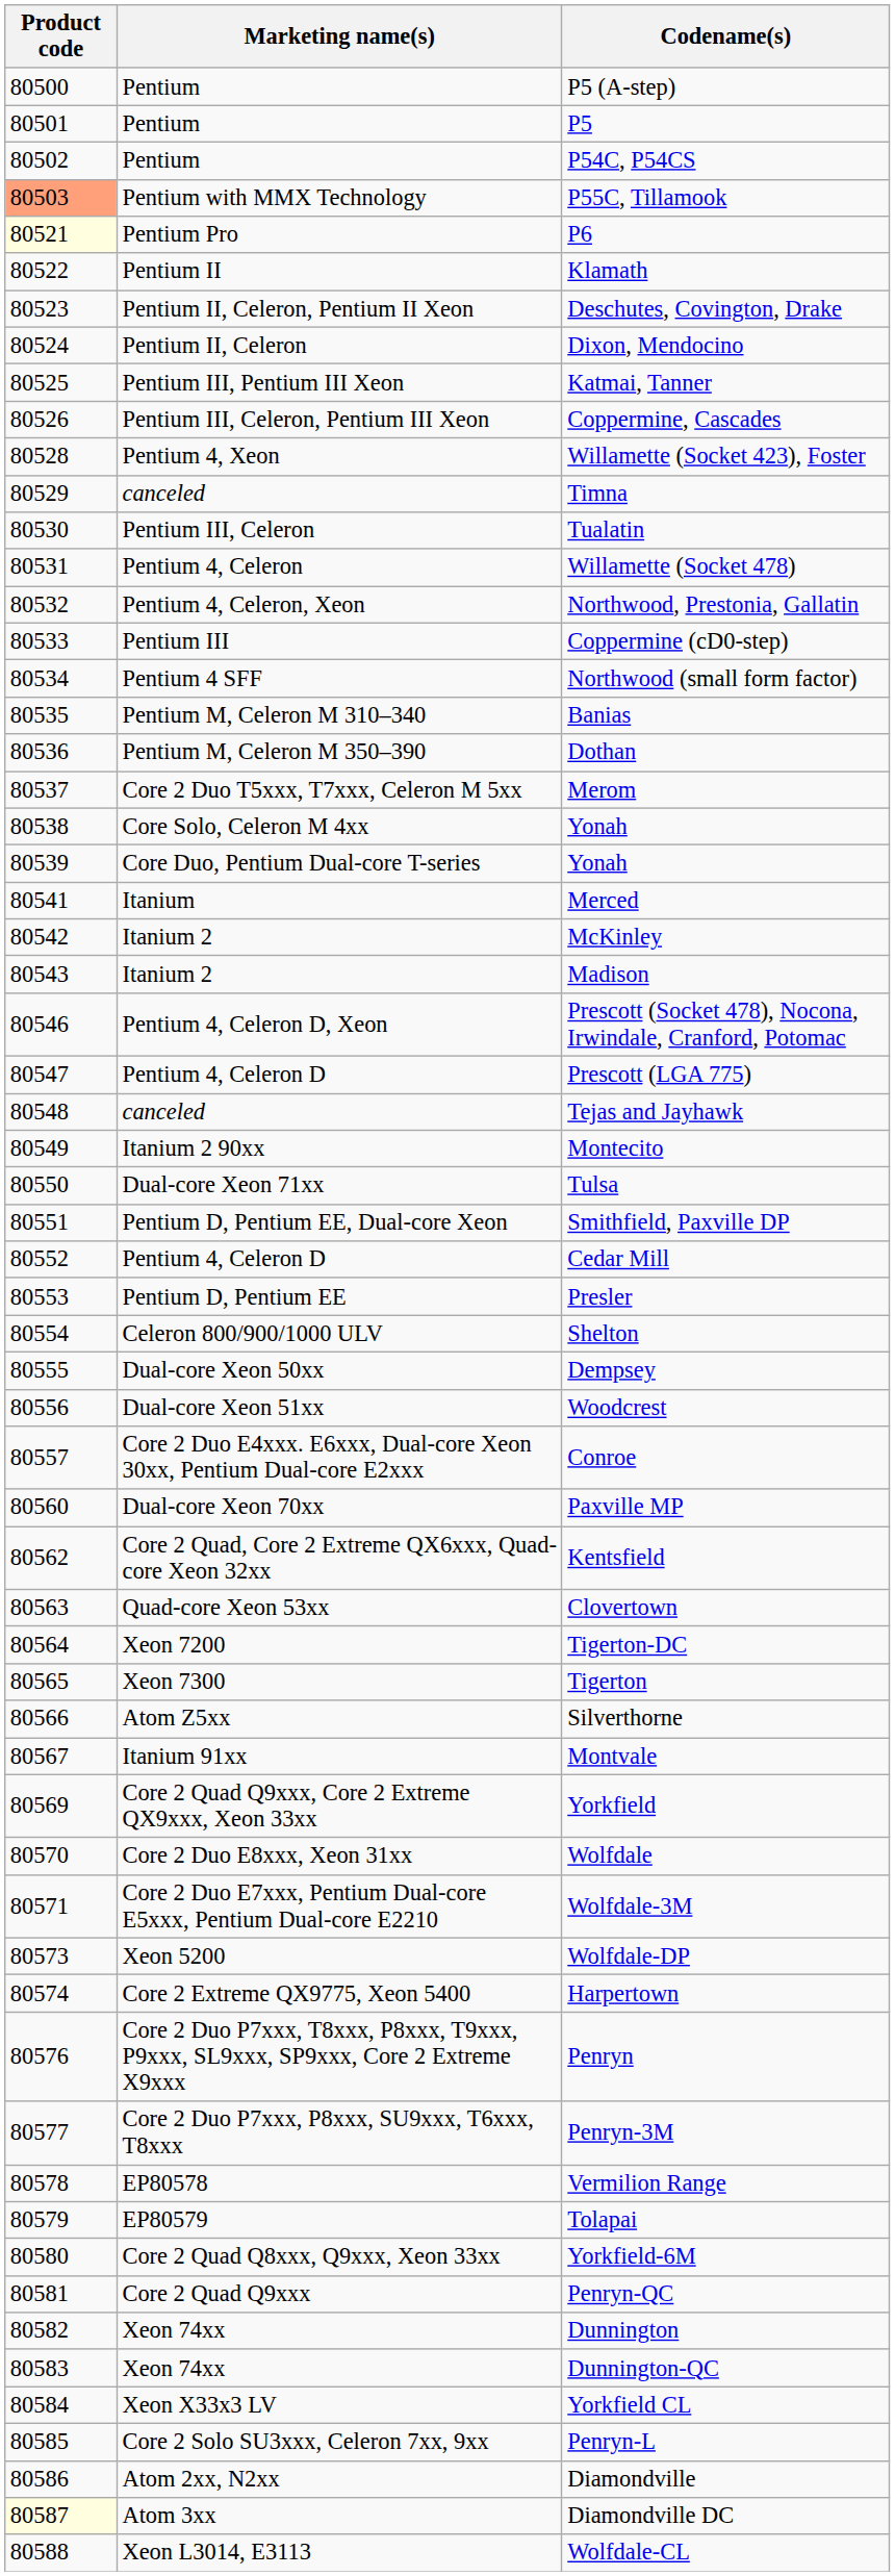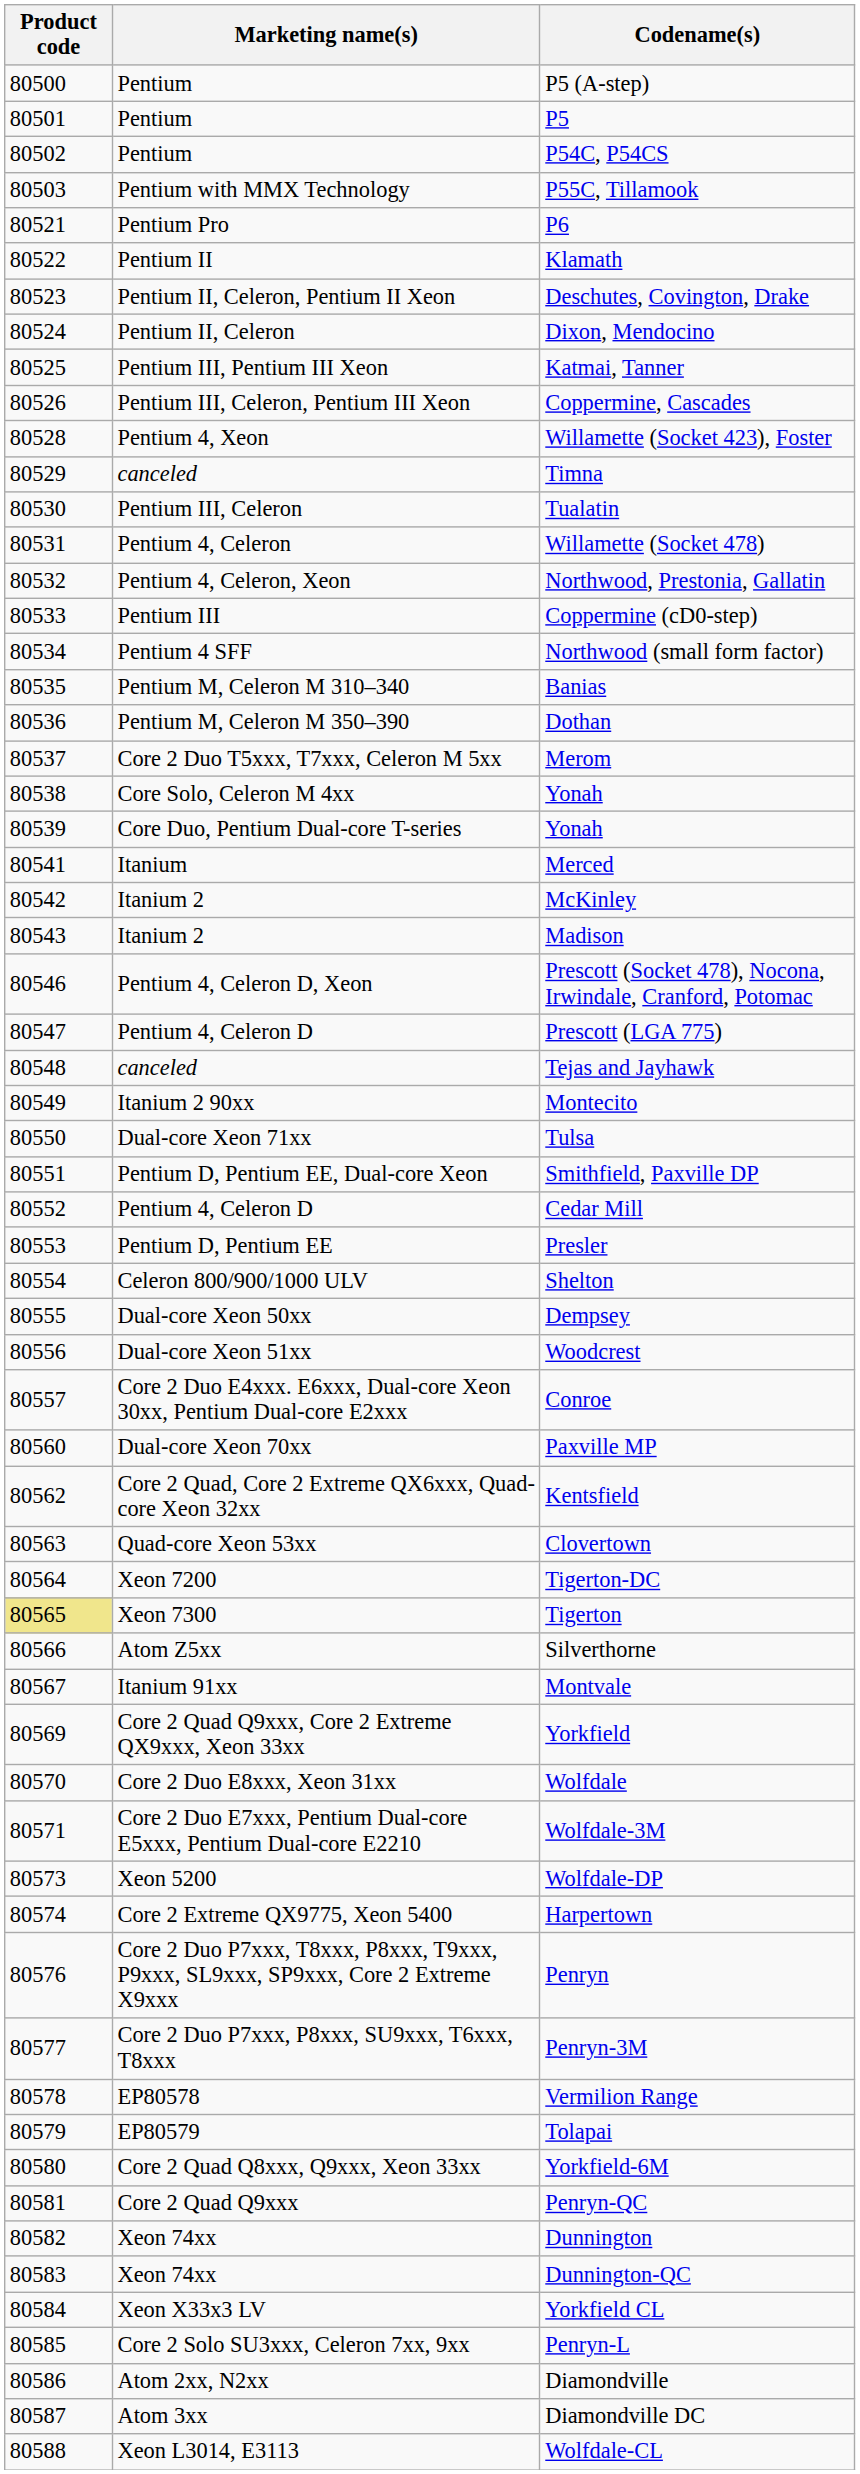 <table class="wikitable">
 <tr>
 <th>Product code</th>
 <th>Marketing name(s)</th>
 <th>Codename(s)</th>
 </tr>
 <tr>
 <td>80500</td>
 <td>Pentium</td>
 <td>P5 (A-step)</td>
 </tr>
 <tr>
 <td>80501</td>
 <td>Pentium</td>
 <td><a href='#'>P5</a></td>
 </tr>
 <tr>
 <td>80502</td>
 <td>Pentium</td>
 <td><a href='#'>P54C</a>, <a href='#'>P54CS</a></td>
 </tr>
 <tr>
-<td style="background: lightsalmon;">80503</td>
+<td>80503</td>
 <td>Pentium with MMX Technology</td>
 <td><a href='#'>P55C</a>, <a href='#'>Tillamook</a></td>
 </tr>
 <tr>
-<td style="background: lightyellow;">80521</td>
+<td>80521</td>
 <td>Pentium Pro</td>
 <td><a href='#'>P6</a></td>
 </tr>
 <tr>
 <td>80522</td>
 <td>Pentium II</td>
 <td><a href='#'>Klamath</a></td>
 </tr>
 <tr>
 <td>80523</td>
 <td>Pentium II, Celeron, Pentium II Xeon</td>
 <td><a href='#'>Deschutes</a>, <a href='#'>Covington</a>, <a href='#'>Drake</a></td>
 </tr>
 <tr>
 <td>80524</td>
 <td>Pentium II, Celeron</td>
 <td><a href='#'>Dixon</a>, <a href='#'>Mendocino</a></td>
 </tr>
 <tr>
 <td>80525</td>
 <td>Pentium III, Pentium III Xeon</td>
 <td><a href='#'>Katmai</a>, <a href='#'>Tanner</a></td>
 </tr>
 <tr>
 <td>80526</td>
 <td>Pentium III, Celeron, Pentium III Xeon</td>
 <td><a href='#'>Coppermine</a>, <a href='#'>Cascades</a></td>
 </tr>
 <tr>
 <td>80528</td>
 <td>Pentium 4, Xeon</td>
 <td><a href='#'>Willamette</a> (<a href='#'>Socket 423</a>), <a href='#'>Foster</a></td>
 </tr>
 <tr>
 <td>80529</td>
 <td><em>canceled</em></td>
 <td><a href='#'>Timna</a></td>
 </tr>
 <tr>
 <td>80530</td>
 <td>Pentium III, Celeron</td>
 <td><a href='#'>Tualatin</a></td>
 </tr>
 <tr>
 <td>80531</td>
 <td>Pentium 4, Celeron</td>
 <td><a href='#'>Willamette</a> (<a href='#'>Socket 478</a>)</td>
 </tr>
 <tr>
 <td>80532</td>
 <td>Pentium 4, Celeron, Xeon</td>
 <td><a href='#'>Northwood</a>, <a href='#'>Prestonia</a>, <a href='#'>Gallatin</a></td>
 </tr>
 <tr>
 <td>80533</td>
 <td>Pentium III</td>
 <td><a href='#'>Coppermine</a> (cD0-step)</td>
 </tr>
 <tr>
 <td>80534</td>
 <td>Pentium 4 SFF</td>
 <td><a href='#'>Northwood</a> (small form factor)</td>
 </tr>
 <tr>
 <td>80535</td>
 <td>Pentium M, Celeron M 310–340</td>
 <td><a href='#'>Banias</a></td>
 </tr>
 <tr>
 <td>80536</td>
 <td>Pentium M, Celeron M 350–390</td>
 <td><a href='#'>Dothan</a></td>
 </tr>
 <tr>
 <td>80537</td>
 <td>Core 2 Duo T5xxx, T7xxx, Celeron M 5xx</td>
 <td><a href='#'>Merom</a></td>
 </tr>
 <tr>
 <td>80538</td>
 <td>Core Solo, Celeron M 4xx</td>
 <td><a href='#'>Yonah</a></td>
 </tr>
 <tr>
 <td>80539</td>
 <td>Core Duo, Pentium Dual-core T-series</td>
 <td><a href='#'>Yonah</a></td>
 </tr>
 <tr>
 <td>80541</td>
 <td>Itanium</td>
 <td><a href='#'>Merced</a></td>
 </tr>
 <tr>
 <td>80542</td>
 <td>Itanium 2</td>
 <td><a href='#'>McKinley</a></td>
 </tr>
 <tr>
 <td>80543</td>
 <td>Itanium 2</td>
 <td><a href='#'>Madison</a></td>
 </tr>
 <tr>
 <td>80546</td>
 <td>Pentium 4, Celeron D, Xeon</td>
 <td><a href='#'>Prescott</a> (<a href='#'>Socket 478</a>), <a href='#'>Nocona</a>, <a href='#'>Irwindale</a>, <a href='#'>Cranford</a>, <a href='#'>Potomac</a></td>
 </tr>
 <tr>
 <td>80547</td>
 <td>Pentium 4, Celeron D</td>
 <td><a href='#'>Prescott</a> (<a href='#'>LGA 775</a>)</td>
 </tr>
 <tr>
 <td>80548</td>
 <td><em>canceled</em></td>
 <td><a href='#'>Tejas and Jayhawk</a></td>
 </tr>
 <tr>
 <td>80549</td>
 <td>Itanium 2 90xx</td>
 <td><a href='#'>Montecito</a></td>
 </tr>
 <tr>
 <td>80550</td>
 <td>Dual-core Xeon 71xx</td>
 <td><a href='#'>Tulsa</a></td>
 </tr>
 <tr>
 <td>80551</td>
 <td>Pentium D, Pentium EE, Dual-core Xeon</td>
 <td><a href='#'>Smithfield</a>, <a href='#'>Paxville DP</a></td>
 </tr>
 <tr>
 <td>80552</td>
 <td>Pentium 4, Celeron D</td>
 <td><a href='#'>Cedar Mill</a></td>
 </tr>
 <tr>
 <td>80553</td>
 <td>Pentium D, Pentium EE</td>
 <td><a href='#'>Presler</a></td>
 </tr>
 <tr>
 <td>80554</td>
 <td>Celeron 800/900/1000 ULV</td>
 <td><a href='#'>Shelton</a></td>
 </tr>
 <tr>
 <td>80555</td>
 <td>Dual-core Xeon 50xx</td>
 <td><a href='#'>Dempsey</a></td>
 </tr>
 <tr>
 <td>80556</td>
 <td>Dual-core Xeon 51xx</td>
 <td><a href='#'>Woodcrest</a></td>
 </tr>
 <tr>
 <td>80557</td>
 <td>Core 2 Duo E4xxx. E6xxx, Dual-core Xeon 30xx, Pentium Dual-core E2xxx</td>
 <td><a href='#'>Conroe</a></td>
 </tr>
 <tr>
 <td>80560</td>
 <td>Dual-core Xeon 70xx</td>
 <td><a href='#'>Paxville MP</a></td>
 </tr>
 <tr>
 <td>80562</td>
 <td>Core 2 Quad, Core 2 Extreme QX6xxx, Quad-core Xeon 32xx</td>
 <td><a href='#'>Kentsfield</a></td>
 </tr>
 <tr>
 <td>80563</td>
 <td>Quad-core Xeon 53xx</td>
 <td><a href='#'>Clovertown</a></td>
 </tr>
 <tr>
 <td>80564</td>
 <td>Xeon 7200</td>
 <td><a href='#'>Tigerton-DC</a></td>
 </tr>
 <tr>
-<td>80565</td>
+<td style="background: khaki;">80565</td>
 <td>Xeon 7300</td>
 <td><a href='#'>Tigerton</a></td>
 </tr>
 <tr>
 <td>80566</td>
 <td>Atom Z5xx</td>
 <td>Silverthorne</td>
 </tr>
 <tr>
 <td>80567</td>
 <td>Itanium 91xx</td>
 <td><a href='#'>Montvale</a></td>
 </tr>
 <tr>
 <td>80569</td>
 <td>Core 2 Quad Q9xxx, Core 2 Extreme QX9xxx, Xeon 33xx</td>
 <td><a href='#'>Yorkfield</a></td>
 </tr>
 <tr>
 <td>80570</td>
 <td>Core 2 Duo E8xxx, Xeon 31xx</td>
 <td><a href='#'>Wolfdale</a></td>
 </tr>
 <tr>
 <td>80571</td>
 <td>Core 2 Duo E7xxx, Pentium Dual-core E5xxx, Pentium Dual-core E2210</td>
 <td><a href='#'>Wolfdale-3M</a></td>
 </tr>
 <tr>
 <td>80573</td>
 <td>Xeon 5200</td>
 <td><a href='#'>Wolfdale-DP</a></td>
 </tr>
 <tr>
 <td>80574</td>
 <td>Core 2 Extreme QX9775, Xeon 5400</td>
 <td><a href='#'>Harpertown</a></td>
 </tr>
 <tr>
 <td>80576</td>
 <td>Core 2 Duo P7xxx, T8xxx, P8xxx, T9xxx, P9xxx, SL9xxx, SP9xxx, Core 2 Extreme X9xxx</td>
 <td><a href='#'>Penryn</a></td>
 </tr>
 <tr>
 <td>80577</td>
 <td>Core 2 Duo P7xxx, P8xxx, SU9xxx, T6xxx, T8xxx</td>
 <td><a href='#'>Penryn-3M</a></td>
 </tr>
 <tr>
 <td>80578</td>
 <td>EP80578</td>
 <td><a href='#'>Vermilion Range</a></td>
 </tr>
 <tr>
 <td>80579</td>
 <td>EP80579</td>
 <td><a href='#'>Tolapai</a></td>
 </tr>
 <tr>
 <td>80580</td>
 <td>Core 2 Quad Q8xxx, Q9xxx, Xeon 33xx</td>
 <td><a href='#'>Yorkfield-6M</a></td>
 </tr>
 <tr>
 <td>80581</td>
 <td>Core 2 Quad Q9xxx</td>
 <td><a href='#'>Penryn-QC</a></td>
 </tr>
 <tr>
 <td>80582</td>
 <td>Xeon 74xx</td>
 <td><a href='#'>Dunnington</a></td>
 </tr>
 <tr>
 <td>80583</td>
 <td>Xeon 74xx</td>
 <td><a href='#'>Dunnington-QC</a></td>
 </tr>
 <tr>
 <td>80584</td>
 <td>Xeon X33x3 LV</td>
 <td><a href='#'>Yorkfield CL</a></td>
 </tr>
 <tr>
 <td>80585</td>
 <td>Core 2 Solo SU3xxx, Celeron 7xx, 9xx</td>
 <td><a href='#'>Penryn-L</a></td>
 </tr>
 <tr>
 <td>80586</td>
 <td>Atom 2xx, N2xx</td>
 <td>Diamondville</td>
 </tr>
 <tr>
-<td style="background: lightyellow;">80587</td>
+<td>80587</td>
 <td>Atom 3xx</td>
 <td>Diamondville DC</td>
 </tr>
 <tr>
 <td>80588</td>
 <td>Xeon L3014, E3113</td>
 <td><a href='#'>Wolfdale-CL</a></td>
 </tr>
 </table>
